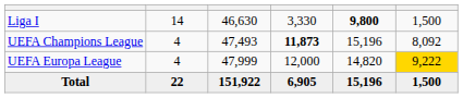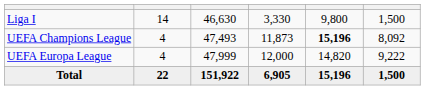 <table class="wikitable" style="text-align: center;">
 <tr>
 <th></th>
 <th style="width:70px;"></th>
 <th style="width:70px;"></th>
 <th style="width:70px;"></th>
 <th style="width:70px;"></th>
 <th style="width:70px;"></th>
 </tr>
 <tr>
 <td align=left><a href='#'>Liga I</a></td>
 <td>14</td>
 <td>46,630</td>
 <td>3,330</td>
-<td><strong>9,800</strong></td>
+<td>9,800</td>
 <td>1,500</td>
 </tr>
 <tr>
 <td align=left><a href='#'>UEFA Champions League</a></td>
 <td>4</td>
 <td>47,493</td>
-<td><strong>11,873</strong></td>
-<td>15,196</td>
+<td>11,873</td>
+<td><strong>15,196</strong></td>
 <td>8,092</td>
 </tr>
 <tr>
 <td align=left><a href='#'>UEFA Europa League</a></td>
 <td>4</td>
 <td>47,999</td>
 <td>12,000</td>
 <td>14,820</td>
-<td style="background: gold;">9,222</td>
+<td>9,222</td>
 </tr>
 <tr bgcolor="#EFEFEF">
 <td><strong>Total</strong></td>
 <td><strong>22</strong></td>
 <td><strong>151,922</strong></td>
 <td><strong>6,905</strong></td>
 <td><strong>15,196</strong></td>
 <td><strong>1,500</strong></td>
 </tr>
 </table>
